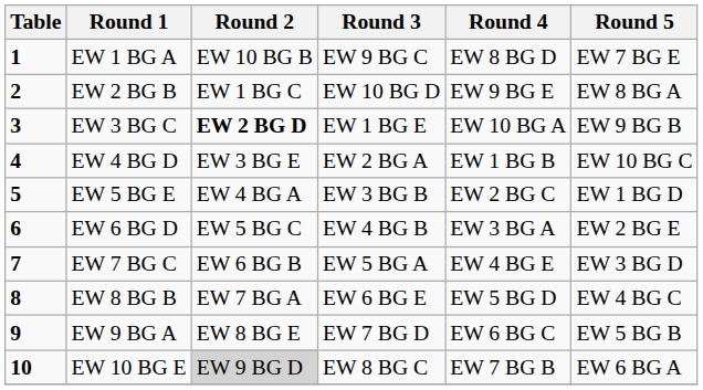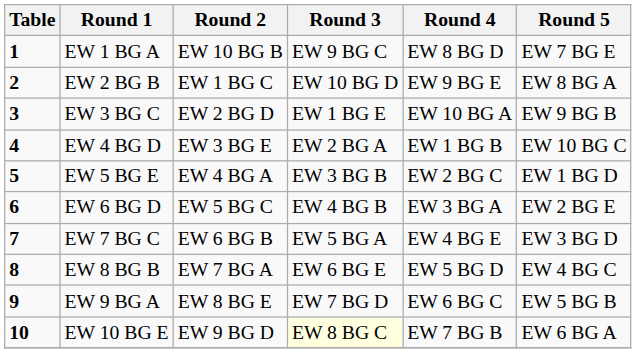 <table class="wikitable">
 <tr>
 <th>Table</th>
 <th>Round 1</th>
 <th>Round 2</th>
 <th>Round 3</th>
 <th>Round 4</th>
 <th>Round 5</th>
 </tr>
 <tr>
 <td><strong>1</strong></td>
 <td>EW 1 BG A</td>
 <td>EW 10 BG B</td>
 <td>EW 9 BG C</td>
 <td>EW 8 BG D</td>
 <td>EW 7 BG E</td>
 </tr>
 <tr>
 <td><strong>2</strong></td>
 <td>EW 2 BG B</td>
 <td>EW 1 BG C</td>
 <td>EW 10 BG D</td>
 <td>EW 9 BG E</td>
 <td>EW 8 BG A</td>
 </tr>
 <tr>
 <td><strong>3</strong></td>
 <td>EW 3 BG C</td>
-<td><strong>EW 2 BG D</strong></td>
+<td>EW 2 BG D</td>
 <td>EW 1 BG E</td>
 <td>EW 10 BG A</td>
 <td>EW 9 BG B</td>
 </tr>
 <tr>
 <td><strong>4</strong></td>
 <td>EW 4 BG D</td>
 <td>EW 3 BG E</td>
 <td>EW 2 BG A</td>
 <td>EW 1 BG B</td>
 <td>EW 10 BG C</td>
 </tr>
 <tr>
 <td><strong>5</strong></td>
 <td>EW 5 BG E</td>
 <td>EW 4 BG A</td>
 <td>EW 3 BG B</td>
 <td>EW 2 BG C</td>
 <td>EW 1 BG D</td>
 </tr>
 <tr>
 <td><strong>6</strong></td>
 <td>EW 6 BG D</td>
 <td>EW 5 BG C</td>
 <td>EW 4 BG B</td>
 <td>EW 3 BG A</td>
 <td>EW 2 BG E</td>
 </tr>
 <tr>
 <td><strong>7</strong></td>
 <td>EW 7 BG C</td>
 <td>EW 6 BG B</td>
 <td>EW 5 BG A</td>
 <td>EW 4 BG E</td>
 <td>EW 3 BG D</td>
 </tr>
 <tr>
 <td><strong>8</strong></td>
 <td>EW 8 BG B</td>
 <td>EW 7 BG A</td>
 <td>EW 6 BG E</td>
 <td>EW 5 BG D</td>
 <td>EW 4 BG C</td>
 </tr>
 <tr>
 <td><strong>9</strong></td>
 <td>EW 9 BG A</td>
 <td>EW 8 BG E</td>
 <td>EW 7 BG D</td>
 <td>EW 6 BG C</td>
 <td>EW 5 BG B</td>
 </tr>
 <tr>
 <td><strong>10</strong></td>
 <td>EW 10 BG E</td>
-<td style="background: lightgrey;">EW 9 BG D</td>
-<td>EW 8 BG C</td>
+<td>EW 9 BG D</td>
+<td style="background: lightyellow;">EW 8 BG C</td>
 <td>EW 7 BG B</td>
 <td>EW 6 BG A</td>
 </tr>
 <tr>
 </tr>
 </table>
